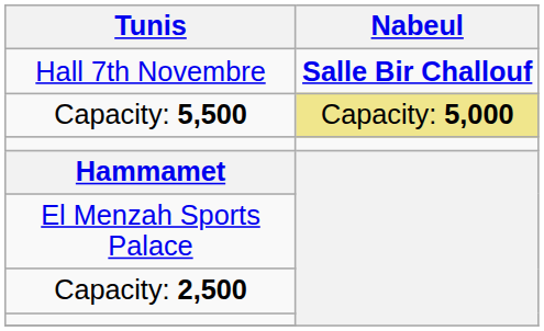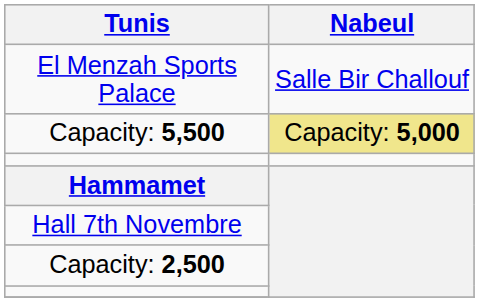 <table class="wikitable" style="text-align:center">
 <tr>
 <th><a href='#'>Tunis</a></th>
 <th><a href='#'>Nabeul</a></th>
 </tr>
 <tr>
-<td><a href='#'>Hall 7th Novembre</a></td>
-<td><strong><a href='#'>Salle Bir Challouf</a></strong></td>
+<td><a href='#'>El Menzah Sports Palace</a></td>
+<td><a href='#'>Salle Bir Challouf</a></td>
 </tr>
 <tr>
 <td>Capacity: <strong>5,500</strong></td>
 <td style="background: khaki;">Capacity: <strong>5,000</strong></td>
 </tr>
 <tr>
 <td></td>
 <td></td>
 </tr>
 <tr>
 <th width=160><a href='#'>Hammamet</a></th>
 <th rowspan=8><br></th>
 </tr>
 <tr>
-<td><a href='#'>El Menzah Sports Palace</a></td>
+<td><a href='#'>Hall 7th Novembre</a></td>
 </tr>
 <tr>
 <td>Capacity: <strong>2,500</strong></td>
 </tr>
 <tr>
 <td></td>
 </tr>
 <tr>
 </tr>
 </table>
